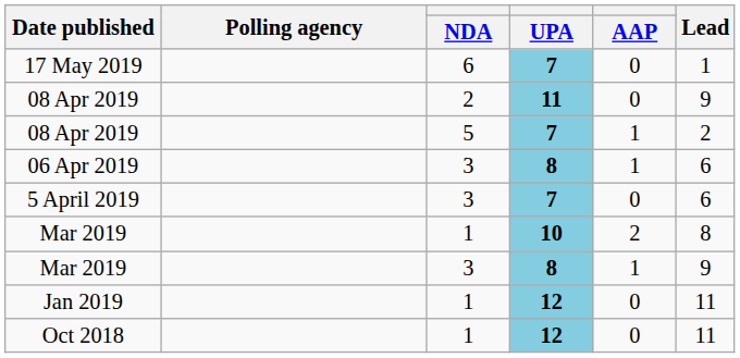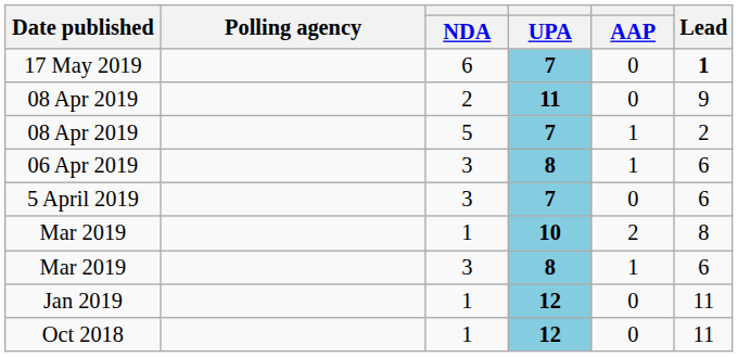 <table class="wikitable sortable" style="text-align:center;font-size:95%;line-height:16px">
 <tr>
 <th rowspan="2" width="100px">Date published</th>
 <th rowspan="2" width="175px">Polling agency</th>
 <th style="color:inherit;background:"></th>
 <th style="color:inherit;background:"></th>
 <th style="color:inherit;background:"></th>
 <th rowspan="2">Lead</th>
 </tr>
 <tr>
 <th width="50px" class="unsortable"><a href='#'>NDA</a></th>
 <th width="50px" class="unsortable"><a href='#'>UPA</a></th>
 <th width="50px" class="unsortable"><a href='#'>AAP</a></th>
 </tr>
 <tr>
 <td>17 May 2019</td>
 <td></td>
 <td>6</td>
 <td style="background:#84CCE0"><strong>7</strong></td>
 <td>0</td>
-<td style="background:">1</td>
+<td style="background:"><strong>1</strong></td>
 </tr>
 <tr>
 <td>08 Apr 2019</td>
 <td></td>
 <td>2</td>
 <td style="background:#84CCE0"><strong>11</strong></td>
 <td>0</td>
 <td style="background:">9</td>
 </tr>
 <tr>
 <td>08 Apr 2019</td>
 <td></td>
 <td>5</td>
 <td style="background:#84CCE0"><strong>7</strong></td>
 <td>1</td>
 <td style="background:">2</td>
 </tr>
 <tr>
 <td>06 Apr 2019</td>
 <td></td>
 <td>3</td>
 <td style="background:#84CCE0"><strong>8</strong></td>
 <td>1</td>
 <td style="background:">6</td>
 </tr>
 <tr>
 <td>5 April 2019</td>
 <td></td>
 <td>3</td>
 <td style="background:#84CCE0"><strong>7</strong></td>
 <td>0</td>
 <td style="background:">6</td>
 </tr>
 <tr>
 <td>Mar 2019</td>
 <td></td>
 <td>1</td>
 <td style="background:#84CCE0"><strong>10</strong></td>
 <td>2</td>
 <td style="background:">8</td>
 </tr>
 <tr>
 <td>Mar 2019</td>
 <td></td>
 <td>3</td>
 <td style="background:#84CCE0"><strong>8</strong></td>
 <td>1</td>
-<td style="background:">9</td>
+<td style="background:">6</td>
 </tr>
 <tr>
 <td>Jan 2019</td>
 <td> </td>
 <td>1</td>
 <td style="background:#84CCE0"><strong>12</strong></td>
 <td>0</td>
 <td style="background:">11</td>
 </tr>
 <tr>
 <td>Oct 2018</td>
 <td></td>
 <td>1</td>
 <td style="background:#84CCE0"><strong>12</strong></td>
 <td>0</td>
 <td style="background:"><span>11</span></td>
 </tr>
 </table>
